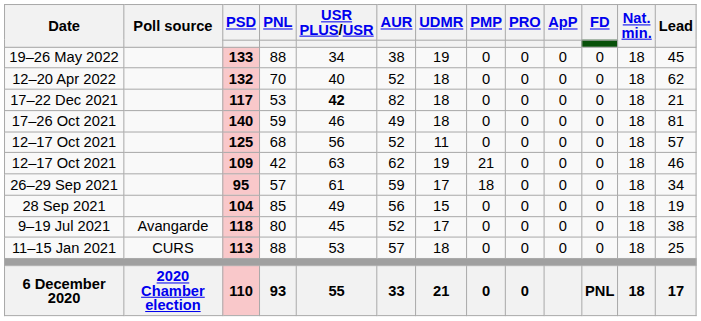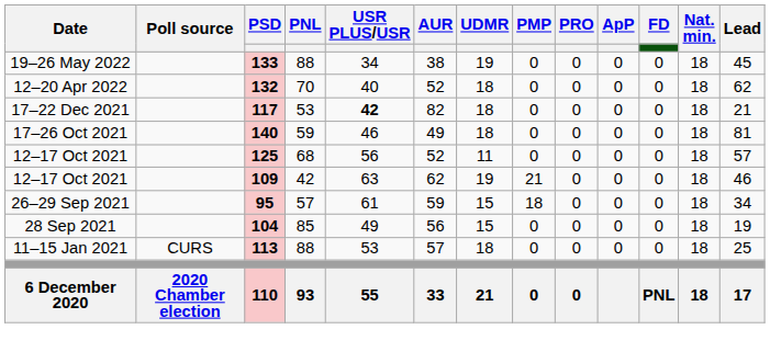 <table class="wikitable sortable mw-datatable" style="text-align:center;font-size:90%;line-height:14px;">
 <tr style="background:lightgrey;">
 <th rowspan="2" style="width:110px;">Date</th>
 <th rowspan="2" style="width:90px;">Poll source</th>
 <th class="unsortable" style="width:30px;"><a href='#'>PSD</a></th>
 <th class="unsortable" style="width:15px;"><a href='#'>PNL</a></th>
 <th class="unsortable" style="width:30px;"><a href='#'>USR PLUS</a>/<a href='#'>USR</a></th>
 <th class="unsortable" style="width:30px;"><a href='#'>AUR</a></th>
 <th class="unsortable" style="width:30px;"><a href='#'>UDMR</a></th>
 <th class="unsortable" style="width:30px;"><a href='#'>PMP</a></th>
 <th class="unsortable" style="width:30px;"><a href='#'>PRO</a></th>
 <th class="unsortable" style="width:30px;"><a href='#'>ApP</a></th>
 <th class="unsortable" style="width:15px;"><a href='#'>FD</a></th>
 <th rowspan="2" style="width:30px;" style="width:45px;"><a href='#'>Nat. min.</a></th>
 <th rowspan="2" style="width:20px;" style="width:45px;">Lead</th>
 </tr>
 <tr>
 <th style="background:"></th>
 <th style="background:"></th>
 <th style="background:"></th>
 <th style="background:"></th>
 <th style="background:"></th>
 <th style="background:"></th>
 <th style="background:"></th>
 <th style="background:"></th>
 <th style="background:#08510A;"></th>
 </tr>
 <tr>
 <td>19–26 May 2022</td>
 <td></td>
 <td style="background:#F9C8CA;"><strong>133</strong></td>
 <td>88</td>
 <td>34</td>
 <td>38</td>
 <td>19</td>
 <td>0</td>
 <td>0</td>
 <td>0</td>
 <td>0</td>
 <td>18</td>
 <td style="background:">45</td>
 </tr>
 <tr>
 <td>12–20 Apr 2022</td>
 <td></td>
 <td style="background:#F9C8CA;"><strong>132</strong></td>
 <td>70</td>
 <td>40</td>
 <td>52</td>
 <td>18</td>
 <td>0</td>
 <td>0</td>
 <td>0</td>
 <td>0</td>
 <td>18</td>
 <td style="background:">62</td>
 </tr>
 <tr>
 <td>17–22 Dec 2021</td>
 <td></td>
 <td style="background:#F9C8CA;"><strong>117</strong></td>
 <td>53</td>
 <td><strong>42</strong></td>
 <td>82</td>
 <td>18</td>
 <td>0</td>
 <td>0</td>
 <td>0</td>
 <td>0</td>
 <td>18</td>
 <td style="background:">21</td>
 </tr>
 <tr>
 <td>17–26 Oct 2021</td>
 <td></td>
 <td style="background:#F9C8CA;"><strong>140</strong></td>
 <td>59</td>
 <td>46</td>
 <td>49</td>
 <td>18</td>
 <td>0</td>
 <td>0</td>
 <td>0</td>
 <td>0</td>
 <td>18</td>
 <td style="background:">81</td>
 </tr>
 <tr>
 <td>12–17 Oct 2021</td>
 <td></td>
 <td style="background:#F9C8CA;"><strong>125</strong></td>
 <td>68</td>
 <td>56</td>
 <td>52</td>
 <td>11</td>
 <td>0</td>
 <td>0</td>
 <td>0</td>
 <td>0</td>
 <td>18</td>
 <td style="background:">57</td>
 </tr>
 <tr>
 <td>12–17 Oct 2021</td>
 <td></td>
 <td style="background:#F9C8CA;"><strong>109</strong></td>
 <td>42</td>
 <td>63</td>
 <td>62</td>
 <td>19</td>
 <td>21</td>
 <td>0</td>
 <td>0</td>
 <td>0</td>
 <td>18</td>
 <td style="background:">46</td>
 </tr>
 <tr>
 <td data-sort-value="2021-09-29">26–29 Sep 2021</td>
 <td></td>
 <td style="background:#F9C8CA;"><strong>95</strong></td>
 <td>57</td>
 <td>61</td>
 <td>59</td>
-<td>17</td>
+<td>15</td>
 <td>18</td>
 <td>0</td>
 <td>0</td>
 <td>0</td>
 <td>18</td>
 <td style="background:">34</td>
 </tr>
 <tr>
 <td>28 Sep 2021</td>
 <td></td>
 <td style="background:#F9C8CA;"><strong>104</strong></td>
 <td>85</td>
 <td>49</td>
 <td>56</td>
 <td>15</td>
 <td>0</td>
 <td>0</td>
 <td>0</td>
 <td>0</td>
 <td>18</td>
 <td style="background:">19</td>
-</tr>
-<tr>
-<td>9–19 Jul 2021</td>
-<td>Avangarde</td>
-<td style="background:#F9C8CA;"><strong>118</strong></td>
-<td>80</td>
-<td>45</td>
-<td>52</td>
-<td>17</td>
-<td>0</td>
-<td>0</td>
-<td>0</td>
-<td>0</td>
-<td>18</td>
-<td style="background:">38</td>
 </tr>
 <tr>
 <td>11–15 Jan 2021</td>
 <td>CURS</td>
 <td style="background:#F9C8CA;"><strong>113</strong></td>
 <td>88</td>
 <td>53</td>
 <td>57</td>
 <td>18</td>
 <td>0</td>
 <td>0</td>
 <td>0</td>
 <td>0</td>
 <td>18</td>
 <td style="background:">25</td>
 </tr>
 <tr>
 <td colspan="13" style="background:#A0A0A0"></td>
 </tr>
 <tr>
 <th data-sort-value="2020-12-06">6 December 2020</th>
 <th><a href='#'>2020 Chamber election</a></th>
 <th style="background:#F9C8CA;">110</th>
 <th>93</th>
 <th>55</th>
 <th>33</th>
 <th>21</th>
 <th>0</th>
 <th>0</th>
 <th></th>
 <th>PNL</th>
 <th>18</th>
 <th style="background:">17</th>
 </tr>
 </table>
